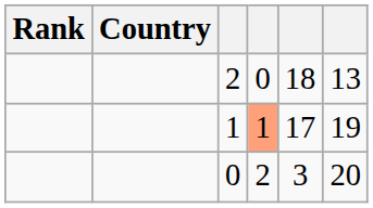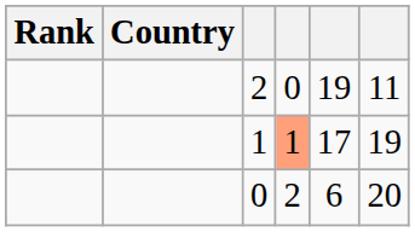 <table class="wikitable sortable" style="text-align: center;">
 <tr>
 <th>Rank</th>
 <th>Country</th>
 <th></th>
 <th></th>
 <th></th>
 <th></th>
 </tr>
 <tr>
 <td></td>
 <td align=left></td>
 <td>2</td>
 <td>0</td>
-<td>18</td>
-<td>13</td>
+<td>19</td>
+<td>11</td>
 </tr>
 <tr>
 <td></td>
 <td align=left></td>
 <td>1</td>
 <td style="background: lightsalmon;">1</td>
 <td>17</td>
 <td>19</td>
 </tr>
 <tr>
 <td></td>
 <td align=left></td>
 <td>0</td>
 <td>2</td>
-<td>3</td>
+<td>6</td>
 <td>20</td>
 </tr>
 </table>
